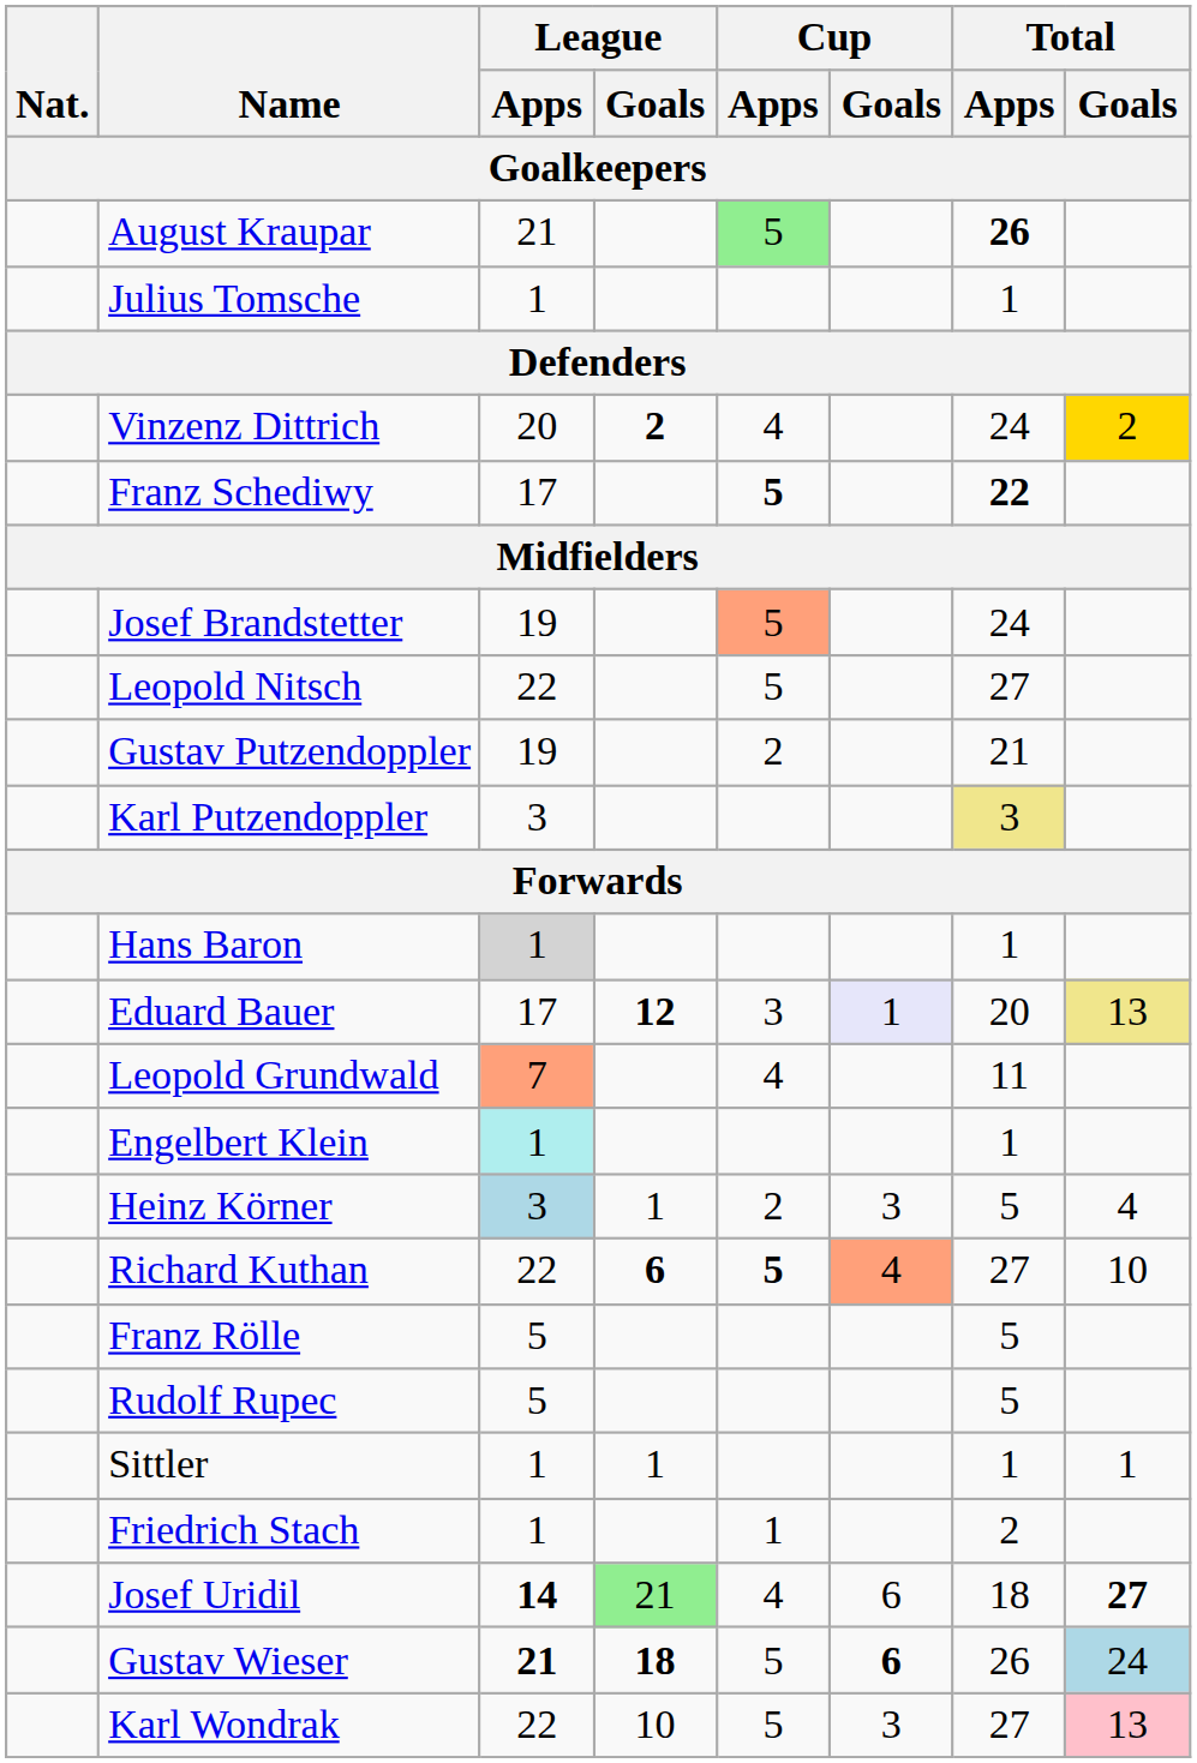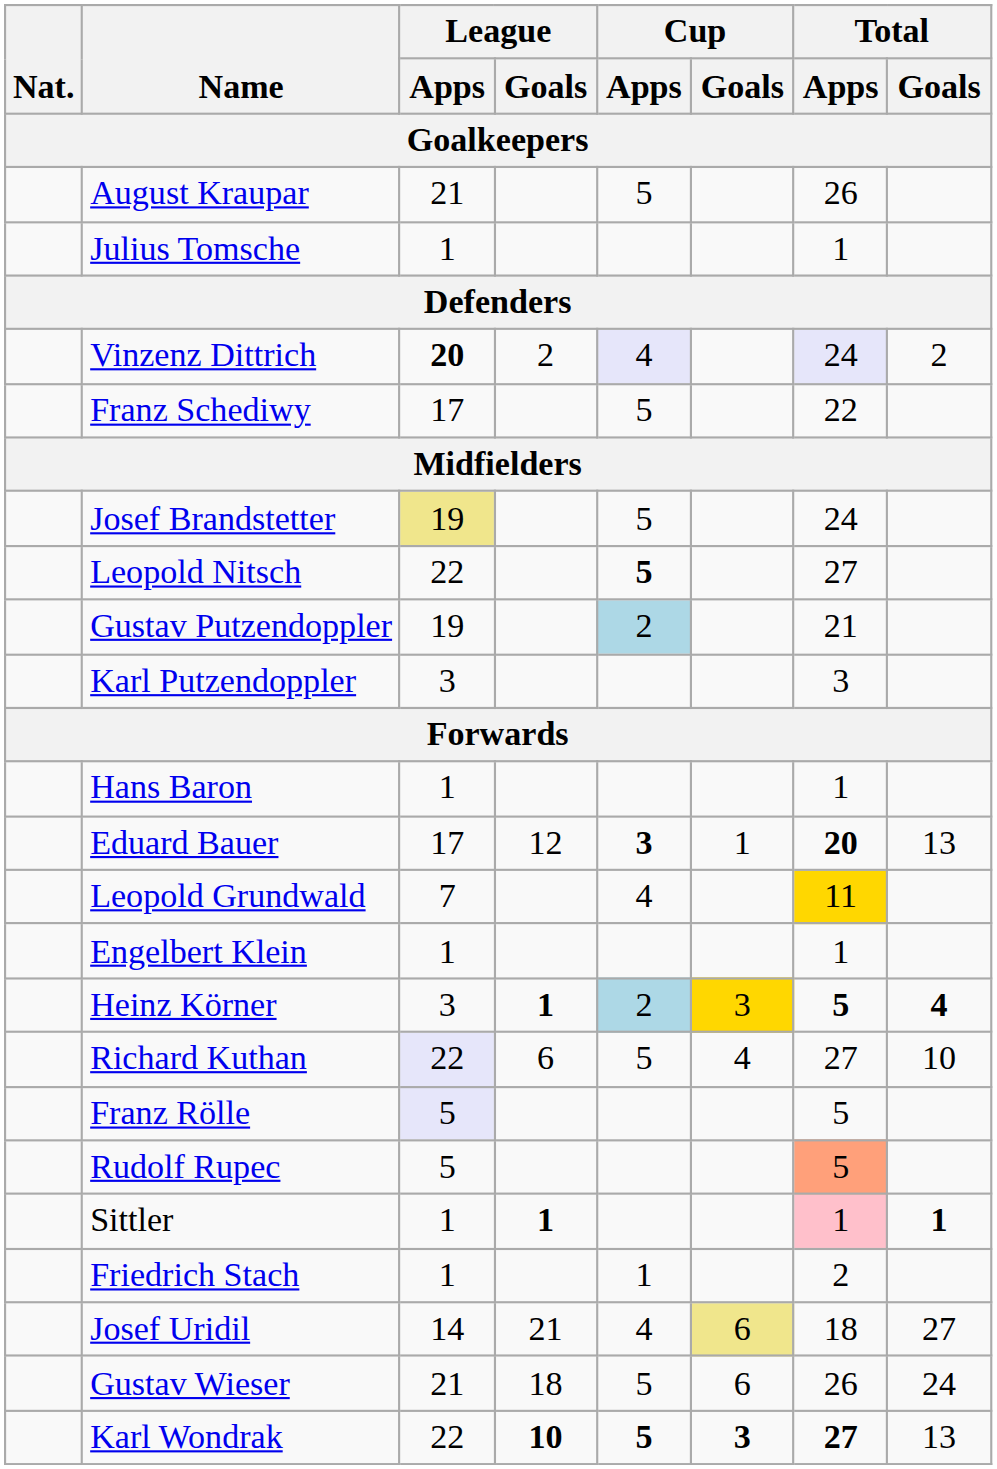 <table class="wikitable" style="text-align:center">
 <tr>
 <th rowspan="2" valign="bottom">Nat.</th>
 <th rowspan="2" valign="bottom">Name</th>
 <th colspan="2" width="85">League</th>
 <th colspan="2" width="85">Cup</th>
 <th colspan="2" width="85">Total</th>
 </tr>
 <tr>
 <th>Apps</th>
 <th>Goals</th>
 <th>Apps</th>
 <th>Goals</th>
 <th>Apps</th>
 <th>Goals</th>
 </tr>
 <tr>
 <th colspan=15>Goalkeepers</th>
 </tr>
 <tr>
 <td></td>
 <td align="left"><a href='#'>August Kraupar</a></td>
 <td>21</td>
 <td></td>
-<td style="background: lightgreen;">5</td>
+<td>5</td>
 <td></td>
-<td><strong>26</strong></td>
+<td>26</td>
 <td></td>
 </tr>
 <tr>
 <td></td>
 <td align="left"><a href='#'>Julius Tomsche</a></td>
 <td>1</td>
 <td></td>
 <td></td>
 <td></td>
 <td>1</td>
 <td></td>
 </tr>
 <tr>
 <th colspan=15>Defenders</th>
 </tr>
 <tr>
 <td></td>
 <td align="left"><a href='#'>Vinzenz Dittrich</a></td>
-<td>20</td>
-<td><strong>2</strong></td>
-<td>4</td>
+<td><strong>20</strong></td>
+<td>2</td>
+<td style="background: lavender;">4</td>
 <td></td>
-<td>24</td>
-<td style="background: gold;">2</td>
+<td style="background: lavender;">24</td>
+<td>2</td>
 </tr>
 <tr>
 <td></td>
 <td align="left"><a href='#'>Franz Schediwy</a></td>
 <td>17</td>
 <td></td>
-<td><strong>5</strong></td>
+<td>5</td>
 <td></td>
-<td><strong>22</strong></td>
+<td>22</td>
 <td></td>
 </tr>
 <tr>
 <th colspan=15>Midfielders</th>
 </tr>
 <tr>
 <td></td>
 <td align="left"><a href='#'>Josef Brandstetter</a></td>
-<td>19</td>
+<td style="background: khaki;">19</td>
 <td></td>
-<td style="background: lightsalmon;">5</td>
+<td>5</td>
 <td></td>
 <td>24</td>
 <td></td>
 </tr>
 <tr>
 <td></td>
 <td align="left"><a href='#'>Leopold Nitsch</a></td>
 <td>22</td>
 <td></td>
-<td>5</td>
+<td><strong>5</strong></td>
 <td></td>
 <td>27</td>
 <td></td>
 </tr>
 <tr>
 <td></td>
 <td align="left"><a href='#'>Gustav Putzendoppler</a></td>
 <td>19</td>
 <td></td>
-<td>2</td>
+<td style="background: lightblue;">2</td>
 <td></td>
 <td>21</td>
 <td></td>
 </tr>
 <tr>
 <td></td>
 <td align="left"><a href='#'>Karl Putzendoppler</a></td>
 <td>3</td>
 <td></td>
 <td></td>
 <td></td>
-<td style="background: khaki;">3</td>
+<td>3</td>
 <td></td>
 </tr>
 <tr>
 <th colspan=15>Forwards</th>
 </tr>
 <tr>
 <td></td>
 <td align="left"><a href='#'>Hans Baron</a></td>
-<td style="background: lightgrey;">1</td>
+<td>1</td>
 <td></td>
 <td></td>
 <td></td>
 <td>1</td>
 <td></td>
 </tr>
 <tr>
 <td></td>
 <td align="left"><a href='#'>Eduard Bauer</a></td>
 <td>17</td>
-<td><strong>12</strong></td>
-<td>3</td>
-<td style="background: lavender;">1</td>
-<td>20</td>
-<td style="background: khaki;">13</td>
+<td>12</td>
+<td><strong>3</strong></td>
+<td>1</td>
+<td><strong>20</strong></td>
+<td>13</td>
 </tr>
 <tr>
 <td></td>
 <td align="left"><a href='#'>Leopold Grundwald</a></td>
-<td style="background: lightsalmon;">7</td>
+<td>7</td>
 <td></td>
 <td>4</td>
 <td></td>
-<td>11</td>
+<td style="background: gold;">11</td>
 <td></td>
 </tr>
 <tr>
 <td></td>
 <td align="left"><a href='#'>Engelbert Klein</a></td>
-<td style="background: paleturquoise;">1</td>
+<td>1</td>
 <td></td>
 <td></td>
 <td></td>
 <td>1</td>
 <td></td>
 </tr>
 <tr>
 <td></td>
 <td align="left"><a href='#'>Heinz Körner</a></td>
-<td style="background: lightblue;">3</td>
-<td>1</td>
-<td>2</td>
 <td>3</td>
-<td>5</td>
-<td>4</td>
+<td><strong>1</strong></td>
+<td style="background: lightblue;">2</td>
+<td style="background: gold;">3</td>
+<td><strong>5</strong></td>
+<td><strong>4</strong></td>
 </tr>
 <tr>
 <td></td>
 <td align="left"><a href='#'>Richard Kuthan</a></td>
-<td>22</td>
-<td><strong>6</strong></td>
-<td><strong>5</strong></td>
-<td style="background: lightsalmon;">4</td>
+<td style="background: lavender;">22</td>
+<td>6</td>
+<td>5</td>
+<td>4</td>
 <td>27</td>
 <td>10</td>
 </tr>
 <tr>
 <td></td>
 <td align="left"><a href='#'>Franz Rölle</a></td>
-<td>5</td>
+<td style="background: lavender;">5</td>
 <td></td>
 <td></td>
 <td></td>
 <td>5</td>
 <td></td>
 </tr>
 <tr>
 <td></td>
 <td align="left"><a href='#'>Rudolf Rupec</a></td>
 <td>5</td>
 <td></td>
 <td></td>
 <td></td>
-<td>5</td>
+<td style="background: lightsalmon;">5</td>
 <td></td>
 </tr>
 <tr>
 <td></td>
 <td align="left">Sittler</td>
 <td>1</td>
-<td>1</td>
+<td><strong>1</strong></td>
 <td></td>
 <td></td>
-<td>1</td>
-<td>1</td>
+<td style="background: pink;">1</td>
+<td><strong>1</strong></td>
 </tr>
 <tr>
 <td></td>
 <td align="left"><a href='#'>Friedrich Stach</a></td>
 <td>1</td>
 <td></td>
 <td>1</td>
 <td></td>
 <td>2</td>
 <td></td>
 </tr>
 <tr>
 <td></td>
 <td align="left"><a href='#'>Josef Uridil</a></td>
-<td><strong>14</strong></td>
-<td style="background: lightgreen;">21</td>
+<td>14</td>
+<td>21</td>
 <td>4</td>
-<td>6</td>
+<td style="background: khaki;">6</td>
 <td>18</td>
-<td><strong>27</strong></td>
+<td>27</td>
 </tr>
 <tr>
 <td></td>
 <td align="left"><a href='#'>Gustav Wieser</a></td>
-<td><strong>21</strong></td>
-<td><strong>18</strong></td>
+<td>21</td>
+<td>18</td>
 <td>5</td>
-<td><strong>6</strong></td>
+<td>6</td>
 <td>26</td>
-<td style="background: lightblue;">24</td>
+<td>24</td>
 </tr>
 <tr>
 <td></td>
 <td align="left"><a href='#'>Karl Wondrak</a></td>
 <td>22</td>
-<td>10</td>
-<td>5</td>
-<td>3</td>
-<td>27</td>
-<td style="background: pink;">13</td>
+<td><strong>10</strong></td>
+<td><strong>5</strong></td>
+<td><strong>3</strong></td>
+<td><strong>27</strong></td>
+<td>13</td>
 </tr>
 </table>
